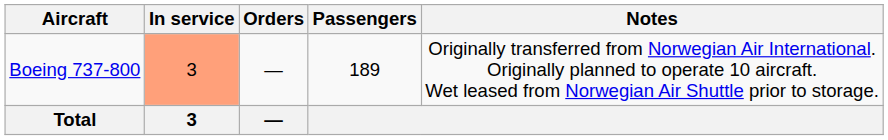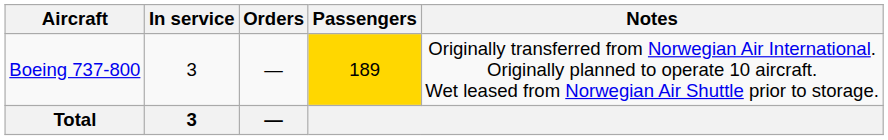 <table class="wikitable" style="margin:1em auto; border-collapse:collapse;text-align:center">
 <tr>
 <th>Aircraft</th>
 <th>In service</th>
 <th>Orders</th>
 <th>Passengers</th>
 <th>Notes</th>
 </tr>
 <tr>
 <td><a href='#'>Boeing 737-800</a></td>
-<td style="background: lightsalmon;">3</td>
+<td>3</td>
 <td>—</td>
-<td>189</td>
+<td style="background: gold;">189</td>
 <td>Originally transferred from <a href='#'>Norwegian Air International</a>.<br>Originally planned to operate 10 aircraft.<br>Wet leased from <a href='#'>Norwegian Air Shuttle</a> prior to storage.</td>
 </tr>
 <tr>
 <th>Total</th>
 <th>3</th>
 <th>—</th>
 <th colspan="3"></th>
 </tr>
 </table>
